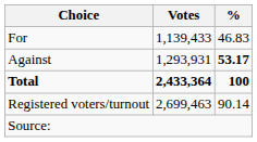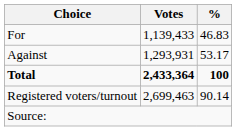 <table class=wikitable style=text-align:right>
 <tr>
 <th>Choice</th>
 <th>Votes</th>
 <th>%</th>
 </tr>
 <tr>
 <td align=left>For</td>
 <td>1,139,433</td>
 <td>46.83</td>
 </tr>
 <tr>
 <td align=left> Against</td>
 <td>1,293,931</td>
-<td><strong>53.17</strong></td>
+<td>53.17</td>
 </tr>
 <tr>
 <td align=left><strong>Total</strong></td>
 <td><strong>2,433,364</strong></td>
 <td><strong>100</strong></td>
 </tr>
 <tr>
 <td align=left>Registered voters/turnout</td>
 <td>2,699,463</td>
 <td>90.14</td>
 </tr>
 <tr>
 <td align=left colspan=3>Source: </td>
 </tr>
 </table>
